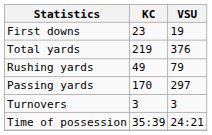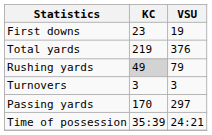 <table class="wikitable">
 <tr>
 <th>Statistics</th>
 <th>KC</th>
 <th>VSU</th>
 </tr>
 <tr>
 <td>First downs</td>
 <td>23</td>
 <td>19</td>
 </tr>
 <tr>
 <td>Total yards</td>
 <td>219</td>
 <td>376</td>
 </tr>
 <tr>
 <td>Rushing yards</td>
-<td>49</td>
+<td style="background: lightgrey;">49</td>
 <td>79</td>
+</tr>
+<tr>
+<td>Turnovers</td>
+<td>3</td>
+<td>3</td>
 </tr>
 <tr>
 <td>Passing yards</td>
 <td>170</td>
 <td>297</td>
-</tr>
-<tr>
-<td>Turnovers</td>
-<td>3</td>
-<td>3</td>
 </tr>
 <tr>
 <td>Time of possession</td>
 <td>35:39</td>
 <td>24:21</td>
 </tr>
 <tr>
 </tr>
 </table>
